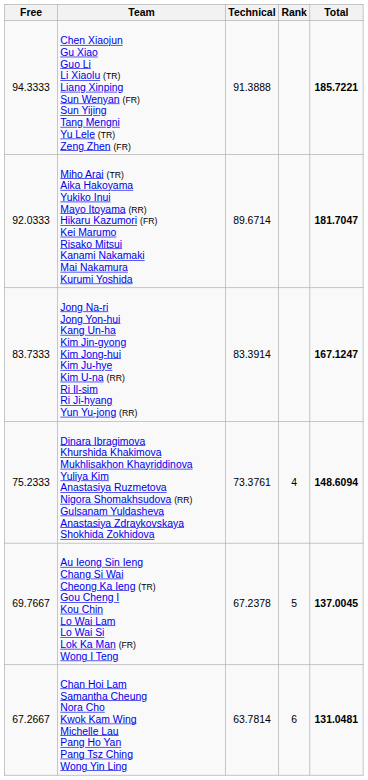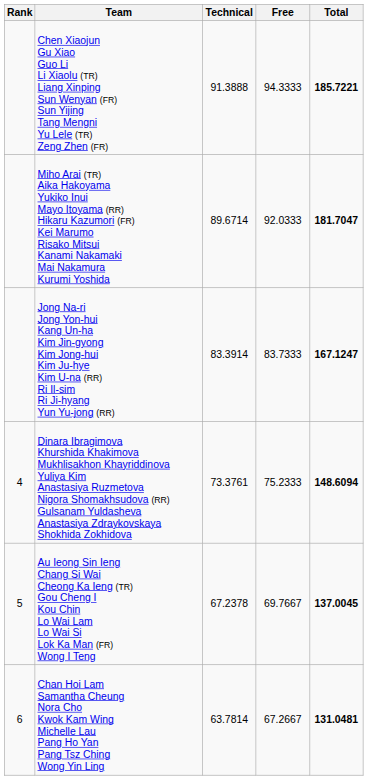 <table class=wikitable style="text-align:center">
 <tr>
-<th width=75>Free</th>
+<th width=40>Rank</th>
 <th width=250>Team</th>
 <th width=75>Technical</th>
-<th width=40>Rank</th>
+<th width=75>Free</th>
 <th width=75>Total</th>
 </tr>
 <tr>
-<td>94.3333</td>
+<td></td>
 <td align=left><br><a href='#'>Chen Xiaojun</a><br><a href='#'>Gu Xiao</a><br><a href='#'>Guo Li</a><br><a href='#'>Li Xiaolu</a> <small>(TR)</small><br><a href='#'>Liang Xinping</a><br><a href='#'>Sun Wenyan</a> <small>(FR)</small><br><a href='#'>Sun Yijing</a><br><a href='#'>Tang Mengni</a><br><a href='#'>Yu Lele</a> <small>(TR)</small><br><a href='#'>Zeng Zhen</a> <small>(FR)</small></td>
 <td>91.3888</td>
-<td></td>
+<td>94.3333</td>
 <td><strong>185.7221</strong></td>
 </tr>
 <tr>
-<td>92.0333</td>
+<td></td>
 <td align=left><br><a href='#'>Miho Arai</a> <small>(TR)</small><br><a href='#'>Aika Hakoyama</a><br><a href='#'>Yukiko Inui</a><br><a href='#'>Mayo Itoyama</a> <small>(RR)</small><br><a href='#'>Hikaru Kazumori</a> <small>(FR)</small><br><a href='#'>Kei Marumo</a><br><a href='#'>Risako Mitsui</a><br><a href='#'>Kanami Nakamaki</a><br><a href='#'>Mai Nakamura</a><br><a href='#'>Kurumi Yoshida</a></td>
 <td>89.6714</td>
-<td></td>
+<td>92.0333</td>
 <td><strong>181.7047</strong></td>
 </tr>
 <tr>
-<td>83.7333</td>
+<td></td>
 <td align=left><br><a href='#'>Jong Na-ri</a><br><a href='#'>Jong Yon-hui</a><br><a href='#'>Kang Un-ha</a><br><a href='#'>Kim Jin-gyong</a><br><a href='#'>Kim Jong-hui</a><br><a href='#'>Kim Ju-hye</a><br><a href='#'>Kim U-na</a> <small>(RR)</small><br><a href='#'>Ri Il-sim</a><br><a href='#'>Ri Ji-hyang</a><br><a href='#'>Yun Yu-jong</a> <small>(RR)</small></td>
 <td>83.3914</td>
-<td></td>
+<td>83.7333</td>
 <td><strong>167.1247</strong></td>
 </tr>
 <tr>
-<td>75.2333</td>
+<td>4</td>
 <td align=left><br><a href='#'>Dinara Ibragimova</a><br><a href='#'>Khurshida Khakimova</a><br><a href='#'>Mukhlisakhon Khayriddinova</a><br><a href='#'>Yuliya Kim</a><br><a href='#'>Anastasiya Ruzmetova</a><br><a href='#'>Nigora Shomakhsudova</a> <small>(RR)</small><br><a href='#'>Gulsanam Yuldasheva</a><br><a href='#'>Anastasiya Zdraykovskaya</a><br><a href='#'>Shokhida Zokhidova</a></td>
 <td>73.3761</td>
-<td>4</td>
+<td>75.2333</td>
 <td><strong>148.6094</strong></td>
 </tr>
 <tr>
-<td>69.7667</td>
+<td>5</td>
 <td align=left><br><a href='#'>Au Ieong Sin Ieng</a><br><a href='#'>Chang Si Wai</a><br><a href='#'>Cheong Ka Ieng</a> <small>(TR)</small><br><a href='#'>Gou Cheng I</a><br><a href='#'>Kou Chin</a><br><a href='#'>Lo Wai Lam</a><br><a href='#'>Lo Wai Si</a><br><a href='#'>Lok Ka Man</a> <small>(FR)</small><br><a href='#'>Wong I Teng</a></td>
 <td>67.2378</td>
-<td>5</td>
+<td>69.7667</td>
 <td><strong>137.0045</strong></td>
 </tr>
 <tr>
-<td>67.2667</td>
+<td>6</td>
 <td align=left><br><a href='#'>Chan Hoi Lam</a><br><a href='#'>Samantha Cheung</a><br><a href='#'>Nora Cho</a><br><a href='#'>Kwok Kam Wing</a><br><a href='#'>Michelle Lau</a><br><a href='#'>Pang Ho Yan</a><br><a href='#'>Pang Tsz Ching</a><br><a href='#'>Wong Yin Ling</a></td>
 <td>63.7814</td>
-<td>6</td>
+<td>67.2667</td>
 <td><strong>131.0481</strong></td>
 </tr>
 </table>
